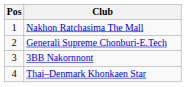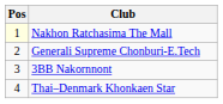 <table class="wikitable sortable" style="text-align: right;">
 <tr>
 <th class="unsortable" width=25>Pos</th>
 <th class="unsortable" width=250>Club</th>
 </tr>
 <tr>
-<td style="text-align:center;">1</td>
+<td style="background: lightyellow; text-align:center;">1</td>
 <td style="text-align:left;"><a href='#'>Nakhon Ratchasima The Mall</a></td>
 </tr>
 <tr>
 <td style="text-align:center;">2</td>
 <td style="text-align:left;"><a href='#'>Generali Supreme Chonburi-E.Tech</a></td>
 </tr>
 <tr>
 <td style="text-align:center;">3</td>
 <td style="text-align:left;"><a href='#'>3BB Nakornnont</a></td>
 </tr>
 <tr>
 <td style="text-align:center;">4</td>
 <td style="text-align:left;"><a href='#'>Thai–Denmark Khonkaen Star</a></td>
 </tr>
 </table>
